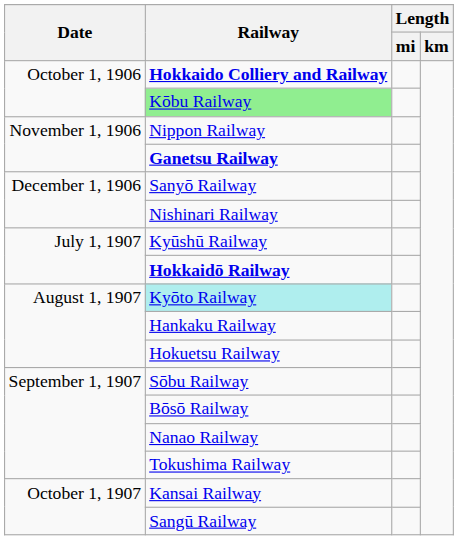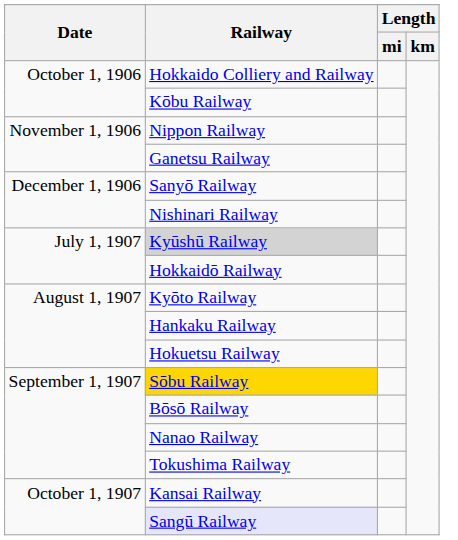 <table class=wikitable>
 <tr>
 </tr>
 <tr>
 <th rowspan=2>Date</th>
 <th rowspan=2>Railway</th>
 <th colspan=2>Length</th>
 </tr>
 <tr>
 <th>mi</th>
 <th>km</th>
 </tr>
 <tr>
 <td align=right valign=top rowspan=2>October 1, 1906</td>
-<td><strong><a href='#'>Hokkaido Colliery and Railway</a></strong></td>
+<td><a href='#'>Hokkaido Colliery and Railway</a></td>
 <td></td>
 </tr>
 <tr>
-<td style="background: lightgreen;"><a href='#'>Kōbu Railway</a></td>
+<td><a href='#'>Kōbu Railway</a></td>
 <td></td>
 </tr>
 <tr>
 <td align=right valign=top rowspan=2>November 1, 1906</td>
 <td><a href='#'>Nippon Railway</a></td>
 <td></td>
 </tr>
 <tr>
-<td><strong><a href='#'>Ganetsu Railway</a></strong></td>
+<td><a href='#'>Ganetsu Railway</a></td>
 <td></td>
 </tr>
 <tr>
 <td align=right valign=top rowspan=2>December 1, 1906</td>
 <td><a href='#'>Sanyō Railway</a></td>
 <td></td>
 </tr>
 <tr>
 <td><a href='#'>Nishinari Railway</a></td>
 <td></td>
 </tr>
 <tr>
 <td align=right valign=top rowspan=2>July 1, 1907</td>
-<td><a href='#'>Kyūshū Railway</a></td>
+<td style="background: lightgrey;"><a href='#'>Kyūshū Railway</a></td>
 <td></td>
 </tr>
 <tr>
-<td><strong><a href='#'>Hokkaidō Railway</a></strong></td>
+<td><a href='#'>Hokkaidō Railway</a></td>
 <td></td>
 </tr>
 <tr>
 <td align=right valign=top rowspan=3>August 1, 1907</td>
-<td style="background: paleturquoise;"><a href='#'>Kyōto Railway</a></td>
+<td><a href='#'>Kyōto Railway</a></td>
 <td></td>
 </tr>
 <tr>
 <td><a href='#'>Hankaku Railway</a></td>
 <td></td>
 </tr>
 <tr>
 <td><a href='#'>Hokuetsu Railway</a></td>
 <td></td>
 </tr>
 <tr>
 <td align=right valign=top rowspan=4>September 1, 1907</td>
-<td><a href='#'>Sōbu Railway</a></td>
+<td style="background: gold;"><a href='#'>Sōbu Railway</a></td>
 <td></td>
 </tr>
 <tr>
 <td><a href='#'>Bōsō Railway</a></td>
 <td></td>
 </tr>
 <tr>
 <td><a href='#'>Nanao Railway</a></td>
 <td></td>
 </tr>
 <tr>
 <td><a href='#'>Tokushima Railway</a></td>
 <td></td>
 </tr>
 <tr>
 <td align=right valign=top rowspan=2>October 1, 1907</td>
 <td><a href='#'>Kansai Railway</a></td>
 <td></td>
 </tr>
 <tr>
-<td><a href='#'>Sangū Railway</a></td>
+<td style="background: lavender;"><a href='#'>Sangū Railway</a></td>
 <td></td>
 </tr>
 </table>
